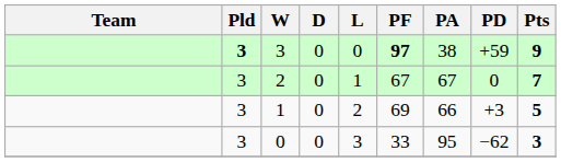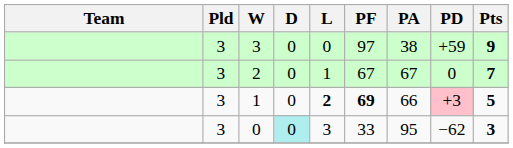 <table class="wikitable" style="text-align:center">
 <tr>
 <th width=175>Team</th>
 <th width=25 abbr="Played">Pld</th>
 <th width=25 abbr="Won">W</th>
 <th width=25 abbr="Drawn">D</th>
 <th width=25 abbr="Lost">L</th>
 <th width=32 abbr="Points for">PF</th>
 <th width=32 abbr="Points against">PA</th>
 <th width=32 abbr="Points difference">PD</th>
 <th width=25 abbr="Points">Pts</th>
 </tr>
 <tr style="background:#cfc">
 <td align=left></td>
-<td><strong>3</strong></td>
+<td>3</td>
 <td>3</td>
 <td>0</td>
 <td>0</td>
-<td><strong>97</strong></td>
+<td>97</td>
 <td>38</td>
 <td>+59</td>
 <td><strong>9</strong></td>
 </tr>
 <tr style="background:#cfc">
 <td align=left></td>
 <td>3</td>
 <td>2</td>
 <td>0</td>
 <td>1</td>
 <td>67</td>
 <td>67</td>
 <td>0</td>
 <td><strong>7</strong></td>
 </tr>
 <tr>
 <td align=left></td>
 <td>3</td>
 <td>1</td>
 <td>0</td>
-<td>2</td>
-<td>69</td>
+<td><strong>2</strong></td>
+<td><strong>69</strong></td>
 <td>66</td>
-<td>+3</td>
+<td style="background: pink;">+3</td>
 <td><strong>5</strong></td>
 </tr>
 <tr>
 <td align=left></td>
 <td>3</td>
 <td>0</td>
-<td>0</td>
+<td style="background: paleturquoise;">0</td>
 <td>3</td>
 <td>33</td>
 <td>95</td>
 <td>−62</td>
 <td><strong>3</strong></td>
 </tr>
 <tr>
 </tr>
 </table>
